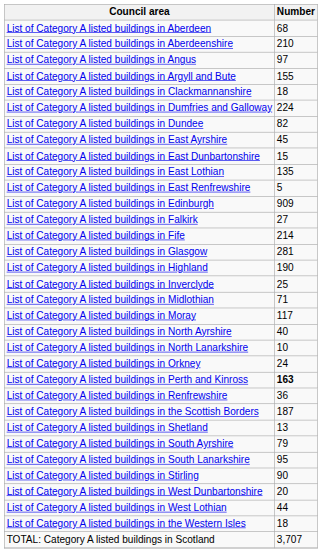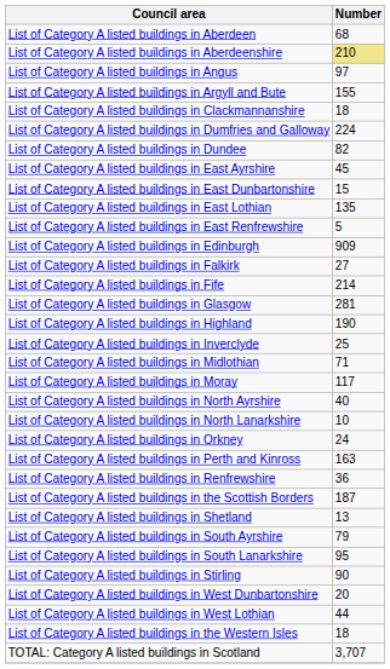 <table class="wikitable sortable">
 <tr>
 <th><strong>Council area</strong></th>
 <th><strong>Number</strong></th>
 </tr>
 <tr ->
 <td><a href='#'>List of Category A listed buildings in Aberdeen</a></td>
 <td>68</td>
 </tr>
 <tr ->
 <td><a href='#'>List of Category A listed buildings in Aberdeenshire</a></td>
-<td>210</td>
+<td style="background: khaki;">210</td>
 </tr>
 <tr ->
 <td><a href='#'>List of Category A listed buildings in Angus</a></td>
 <td>97</td>
 </tr>
 <tr ->
 <td><a href='#'>List of Category A listed buildings in Argyll and Bute</a></td>
 <td>155</td>
 </tr>
 <tr ->
 <td><a href='#'>List of Category A listed buildings in Clackmannanshire</a></td>
 <td>18</td>
 </tr>
 <tr ->
 <td><a href='#'>List of Category A listed buildings in Dumfries and Galloway</a></td>
 <td>224</td>
 </tr>
 <tr ->
 <td><a href='#'>List of Category A listed buildings in Dundee</a></td>
 <td>82</td>
 </tr>
 <tr ->
 <td><a href='#'>List of Category A listed buildings in East Ayrshire</a></td>
 <td>45</td>
 </tr>
 <tr ->
 <td><a href='#'>List of Category A listed buildings in East Dunbartonshire</a></td>
 <td>15</td>
 </tr>
 <tr ->
 <td><a href='#'>List of Category A listed buildings in East Lothian</a></td>
 <td>135</td>
 </tr>
 <tr ->
 <td><a href='#'>List of Category A listed buildings in East Renfrewshire</a></td>
 <td>5</td>
 </tr>
 <tr ->
 <td><a href='#'>List of Category A listed buildings in Edinburgh</a></td>
 <td>909</td>
 </tr>
 <tr ->
 <td><a href='#'>List of Category A listed buildings in Falkirk</a></td>
 <td>27</td>
 </tr>
 <tr ->
 <td><a href='#'>List of Category A listed buildings in Fife</a></td>
 <td>214</td>
 </tr>
 <tr ->
 <td><a href='#'>List of Category A listed buildings in Glasgow</a></td>
 <td>281</td>
 </tr>
 <tr ->
 <td><a href='#'>List of Category A listed buildings in Highland</a></td>
 <td>190</td>
 </tr>
 <tr ->
 <td><a href='#'>List of Category A listed buildings in Inverclyde</a></td>
 <td>25</td>
 </tr>
 <tr ->
 <td><a href='#'>List of Category A listed buildings in Midlothian</a></td>
 <td>71</td>
 </tr>
 <tr ->
 <td><a href='#'>List of Category A listed buildings in Moray</a></td>
 <td>117</td>
 </tr>
 <tr ->
 <td><a href='#'>List of Category A listed buildings in North Ayrshire</a></td>
 <td>40</td>
 </tr>
 <tr ->
 <td><a href='#'>List of Category A listed buildings in North Lanarkshire</a></td>
 <td>10</td>
 </tr>
 <tr ->
 <td><a href='#'>List of Category A listed buildings in Orkney</a></td>
 <td>24</td>
 </tr>
 <tr ->
 <td><a href='#'>List of Category A listed buildings in Perth and Kinross</a></td>
-<td><strong>163</strong></td>
+<td>163</td>
 </tr>
 <tr ->
 <td><a href='#'>List of Category A listed buildings in Renfrewshire</a></td>
 <td>36</td>
 </tr>
 <tr ->
 <td><a href='#'>List of Category A listed buildings in the Scottish Borders</a></td>
 <td>187</td>
 </tr>
 <tr ->
 <td><a href='#'>List of Category A listed buildings in Shetland</a></td>
 <td>13</td>
 </tr>
 <tr ->
 <td><a href='#'>List of Category A listed buildings in South Ayrshire</a></td>
 <td>79</td>
 </tr>
 <tr ->
 <td><a href='#'>List of Category A listed buildings in South Lanarkshire</a></td>
 <td>95</td>
 </tr>
 <tr ->
 <td><a href='#'>List of Category A listed buildings in Stirling</a></td>
 <td>90</td>
 </tr>
 <tr ->
 <td><a href='#'>List of Category A listed buildings in West Dunbartonshire</a></td>
 <td>20</td>
 </tr>
 <tr ->
 <td><a href='#'>List of Category A listed buildings in West Lothian</a></td>
 <td>44</td>
 </tr>
 <tr ->
 <td><a href='#'>List of Category A listed buildings in the Western Isles</a></td>
 <td>18</td>
 </tr>
 <tr -class=sortbottom>
 <td>TOTAL: Category A listed buildings in Scotland</td>
 <td>3,707</td>
 </tr>
 <tr ->
 </tr>
 </table>
